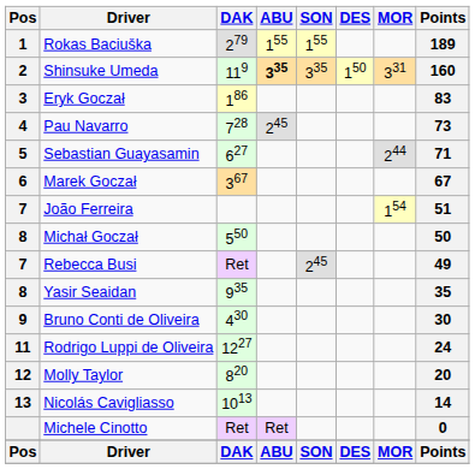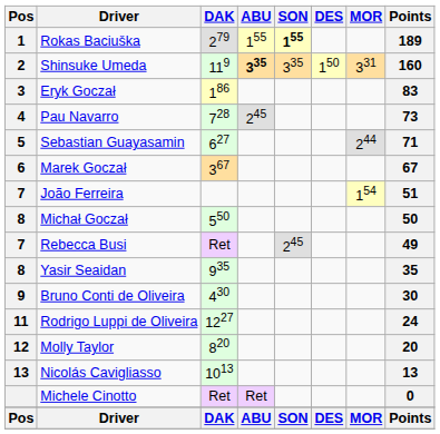 <table class="wikitable" style="font-size: 85%; text-align: center; display: inline-table;">
 <tr valign="top">
 <th valign="middle">Pos</th>
 <th valign="middle">Driver</th>
 <th><a href='#'>DAK</a><br></th>
 <th><a href='#'>ABU</a><br></th>
 <th><a href='#'>SON</a><br></th>
 <th><a href='#'>DES</a><br></th>
 <th><a href='#'>MOR</a><br></th>
 <th valign="middle">Points</th>
 </tr>
 <tr>
 <th>1</th>
 <td align=left> <a href='#'>Rokas Baciuška</a></td>
 <td style="background:#dfdfdf;">2<sup>79</sup></td>
 <td style="background:#ffffbf;">1<sup>55</sup></td>
-<td style="background:#ffffbf;">1<sup>55</sup></td>
+<td style="background:#ffffbf;"><strong>1<sup>55</sup></strong></td>
 <td></td>
 <td></td>
 <th>189</th>
 </tr>
 <tr>
 <th>2</th>
 <td align=left> <a href='#'>Shinsuke Umeda</a></td>
 <td style="background:#dfffdf;">11<sup>9</sup></td>
 <td style="background:#ffdf9f;"><strong>3<sup>35</sup></strong></td>
 <td style="background:#ffdf9f;">3<sup>35</sup></td>
 <td style="background:#ffffbf;">1<sup>50</sup></td>
 <td style="background:#ffdf9f;">3<sup>31</sup></td>
 <th>160</th>
 </tr>
 <tr>
 <th>3</th>
 <td align=left> <a href='#'>Eryk Goczał</a></td>
 <td style="background:#ffffbf;">1<sup>86</sup></td>
 <td></td>
 <td></td>
 <td></td>
 <td></td>
 <th>83</th>
 </tr>
 <tr>
 <th>4</th>
 <td align=left> <a href='#'>Pau Navarro</a></td>
 <td style="background:#dfffdf;">7<sup>28</sup></td>
 <td style="background:#dfdfdf;">2<sup>45</sup></td>
 <td></td>
 <td></td>
 <td></td>
 <th>73</th>
 </tr>
 <tr>
 <th>5</th>
 <td align=left> <a href='#'>Sebastian Guayasamin</a></td>
 <td style="background:#dfffdf;">6<sup>27</sup></td>
 <td></td>
 <td></td>
 <td></td>
 <td style="background:#dfdfdf;">2<sup>44</sup></td>
 <th>71</th>
 </tr>
 <tr>
 <th>6</th>
 <td align=left> <a href='#'>Marek Goczał</a></td>
 <td style="background:#ffdf9f;">3<sup>67</sup></td>
 <td></td>
 <td></td>
 <td></td>
 <td></td>
 <th>67</th>
 </tr>
 <tr>
 <th>7</th>
 <td align=left> <a href='#'>João Ferreira</a></td>
 <td></td>
 <td></td>
 <td></td>
 <td></td>
 <td style="background:#ffffbf;">1<sup>54</sup></td>
 <th>51</th>
 </tr>
 <tr>
 <th>8</th>
 <td align=left> <a href='#'>Michał Goczał</a></td>
 <td style="background:#dfffdf;">5<sup>50</sup></td>
 <td></td>
 <td></td>
 <td></td>
 <td></td>
 <th>50</th>
 </tr>
 <tr>
 <th>7</th>
 <td align=left> <a href='#'>Rebecca Busi</a></td>
 <td style="background:#efcfff;">Ret</td>
 <td></td>
 <td style="background:#dfdfdf;">2<sup>45</sup></td>
 <td></td>
 <td></td>
 <th>49</th>
 </tr>
 <tr>
 <th>8</th>
 <td align=left> <a href='#'>Yasir Seaidan</a></td>
 <td style="background:#dfffdf;">9<sup>35</sup></td>
 <td></td>
 <td></td>
 <td></td>
 <td></td>
 <th>35</th>
 </tr>
 <tr>
 <th>9</th>
 <td align=left> <a href='#'>Bruno Conti de Oliveira</a></td>
 <td style="background:#dfffdf;">4<sup>30</sup></td>
 <td></td>
 <td></td>
 <td></td>
 <td></td>
 <th>30</th>
 </tr>
 <tr>
 <th>11</th>
 <td align=left> <a href='#'>Rodrigo Luppi de Oliveira</a></td>
 <td style="background:#dfffdf;">12<sup>27</sup></td>
 <td></td>
 <td></td>
 <td></td>
 <td></td>
 <th>24</th>
 </tr>
 <tr>
 <th>12</th>
 <td align=left> <a href='#'>Molly Taylor</a></td>
 <td style="background:#dfffdf;">8<sup>20</sup></td>
 <td></td>
 <td></td>
 <td></td>
 <td></td>
 <th>20</th>
 </tr>
 <tr>
 <th>13</th>
 <td align=left> <a href='#'>Nicolás Cavigliasso</a></td>
 <td style="background:#dfffdf;">10<sup>13</sup></td>
 <td></td>
 <td></td>
 <td></td>
 <td></td>
-<th>14</th>
+<th>13</th>
 </tr>
 <tr>
 <th></th>
 <td align=left> <a href='#'>Michele Cinotto</a></td>
 <td style="background:#efcfff;">Ret</td>
 <td style="background:#efcfff;">Ret</td>
 <td></td>
 <td></td>
 <td></td>
 <th>0</th>
 </tr>
 <tr>
 </tr>
 <tr valign="top">
 <th valign="middle">Pos</th>
 <th valign="middle">Driver</th>
 <th><a href='#'>DAK</a><br></th>
 <th><a href='#'>ABU</a><br></th>
 <th><a href='#'>SON</a><br></th>
 <th><a href='#'>DES</a><br></th>
 <th><a href='#'>MOR</a><br></th>
 <th valign="middle">Points</th>
 </tr>
 <tr>
 </tr>
 </table>
